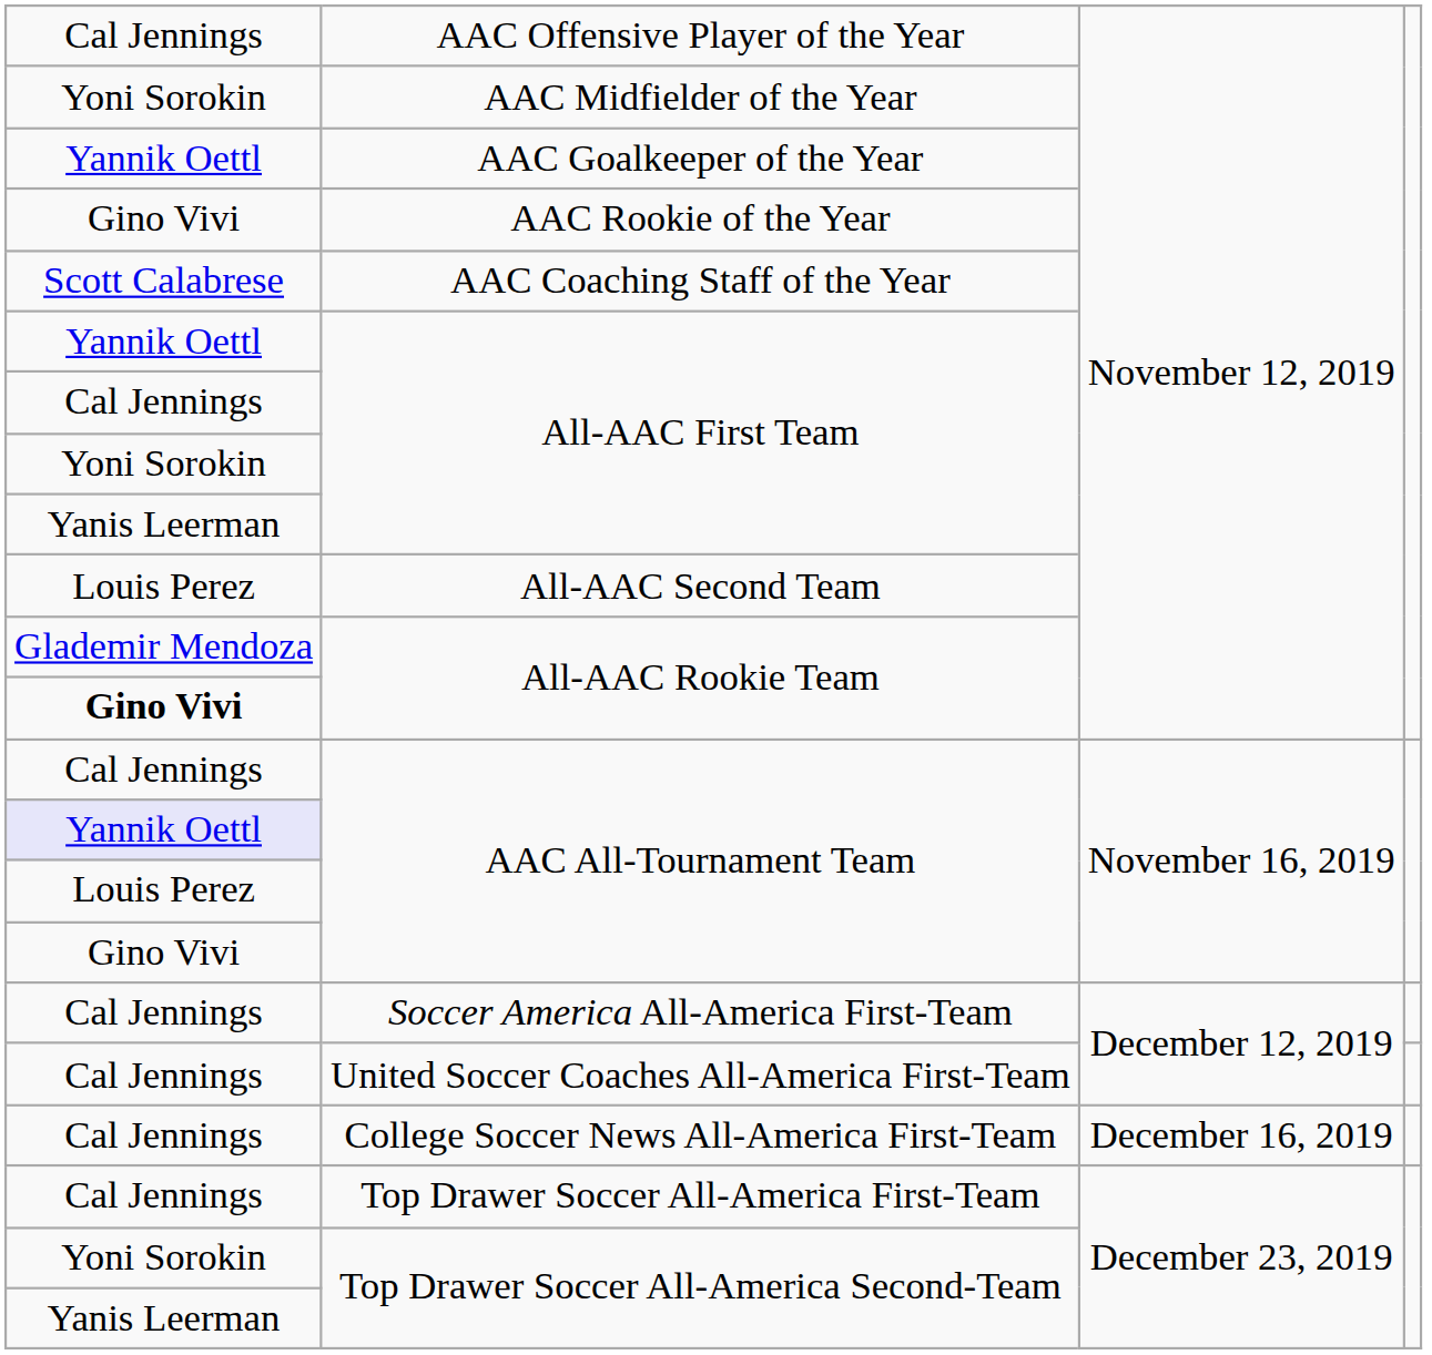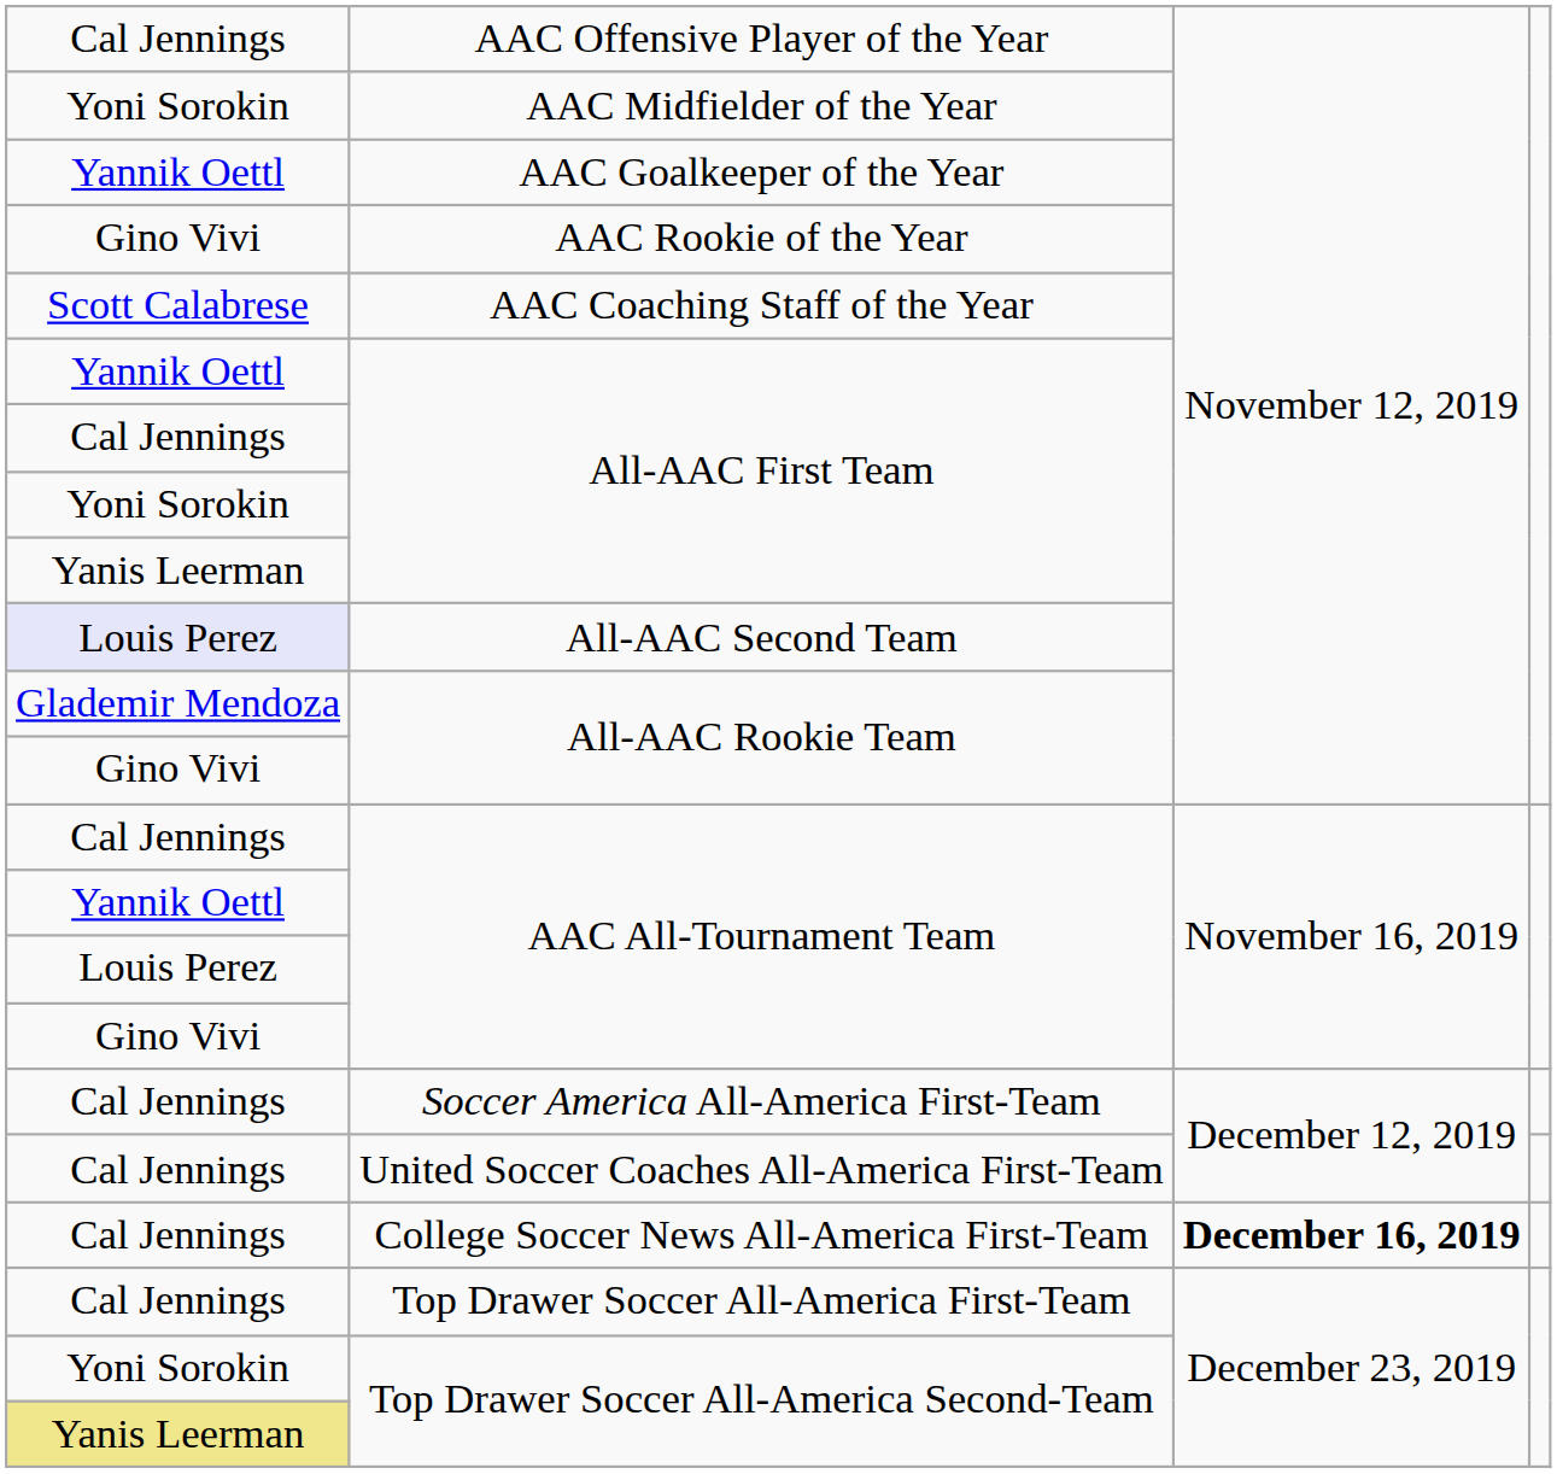 <table class="wikitable sortable" style="text-align: center">
 <tr>
 <td>Cal Jennings</td>
 <td>AAC Offensive Player of the Year</td>
 <td rowspan=12>November 12, 2019</td>
 <td rowspan=12></td>
 </tr>
 <tr>
 <td>Yoni Sorokin</td>
 <td>AAC Midfielder of the Year</td>
 </tr>
 <tr>
 <td><a href='#'>Yannik Oettl</a></td>
 <td>AAC Goalkeeper of the Year</td>
 </tr>
 <tr>
 <td>Gino Vivi</td>
 <td>AAC Rookie of the Year</td>
 </tr>
 <tr>
 <td><a href='#'>Scott Calabrese</a></td>
 <td>AAC Coaching Staff of the Year</td>
 </tr>
 <tr>
 <td><a href='#'>Yannik Oettl</a></td>
 <td rowspan=4>All-AAC First Team</td>
 </tr>
 <tr>
 <td>Cal Jennings</td>
 </tr>
 <tr>
 <td>Yoni Sorokin</td>
 </tr>
 <tr>
 <td>Yanis Leerman</td>
 </tr>
 <tr>
-<td>Louis Perez</td>
+<td style="background: lavender;">Louis Perez</td>
 <td>All-AAC Second Team</td>
 </tr>
 <tr>
 <td><a href='#'>Glademir Mendoza</a></td>
 <td rowspan=2>All-AAC Rookie Team</td>
 </tr>
 <tr>
-<td><strong>Gino Vivi</strong></td>
+<td>Gino Vivi</td>
 </tr>
 <tr>
 <td>Cal Jennings</td>
 <td rowspan=4>AAC All-Tournament Team</td>
 <td rowspan=4>November 16, 2019</td>
 <td rowspan=4></td>
 </tr>
 <tr>
-<td style="background: lavender;"><a href='#'>Yannik Oettl</a></td>
+<td><a href='#'>Yannik Oettl</a></td>
 </tr>
 <tr>
 <td>Louis Perez</td>
 </tr>
 <tr>
 <td>Gino Vivi</td>
 </tr>
 <tr>
 <td>Cal Jennings</td>
 <td><em>Soccer America</em> All-America First-Team</td>
 <td rowspan=2>December 12, 2019</td>
 <td></td>
 </tr>
 <tr>
 <td>Cal Jennings</td>
 <td>United Soccer Coaches All-America First-Team</td>
 <td></td>
 </tr>
 <tr>
 <td>Cal Jennings</td>
 <td>College Soccer News All-America First-Team</td>
-<td>December 16, 2019</td>
+<td><strong>December 16, 2019</strong></td>
 <td></td>
 </tr>
 <tr>
 <td>Cal Jennings</td>
 <td>Top Drawer Soccer All-America First-Team</td>
 <td rowspan=3>December 23, 2019</td>
 <td rowspan=3></td>
 </tr>
 <tr>
 <td>Yoni Sorokin</td>
 <td rowspan=2>Top Drawer Soccer All-America Second-Team</td>
 </tr>
 <tr>
-<td>Yanis Leerman</td>
+<td style="background: khaki;">Yanis Leerman</td>
 </tr>
 </table>
